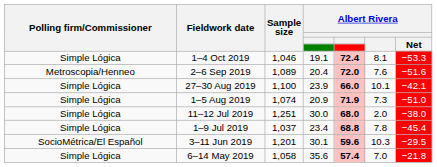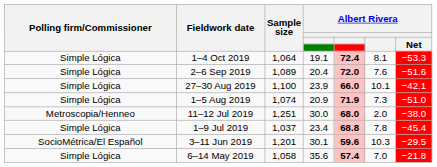 <table class="wikitable collapsible collapsed" style="text-align:center; font-size:90%; line-height:14px;">
 <tr style="height:42px;">
 <th style="width:250px;" rowspan="4">Polling firm/Commissioner</th>
 <th style="width:125px;" rowspan="4">Fieldwork date</th>
 <th style="width:50px;" rowspan="4">Sample size</th>
 <th style="width:185px;" colspan="4"><a href='#'>Albert Rivera</a><br></th>
 </tr>
 <tr>
 <th colspan="4" style="background:"></th>
 </tr>
 <tr>
 <th style="width:30px;"></th>
 <th style="width:30px;"></th>
 <th style="width:30px;" rowspan="2"></th>
 <th style="width:30px;" rowspan="2">Net</th>
 </tr>
 <tr>
 <th style="color:inherit;background:#008000;"></th>
 <th style="color:inherit;background:#FF0000;"></th>
 </tr>
 <tr>
 <td>Simple Lógica</td>
 <td>1–4 Oct 2019</td>
-<td>1,046</td>
+<td>1,064</td>
 <td>19.1</td>
 <td style="background:#FFC2C1;"><strong>72.4</strong></td>
 <td>8.1</td>
 <td style="background:#FF0000; color:white;">−53.3</td>
 </tr>
 <tr>
-<td>Metroscopia/Henneo</td>
+<td>Simple Lógica</td>
 <td>2–6 Sep 2019</td>
 <td>1,089</td>
 <td>20.4</td>
 <td style="background:#FFC2C1;"><strong>72.0</strong></td>
 <td>7.6</td>
 <td style="background:#FF0000; color:white;">−51.6</td>
 </tr>
 <tr>
 <td>Simple Lógica</td>
 <td>27–30 Aug 2019</td>
 <td>1,100</td>
 <td>23.9</td>
 <td style="background:#FFC2C1;"><strong>66.0</strong></td>
 <td>10.1</td>
 <td style="background:#FF0000; color:white;">−42.1</td>
 </tr>
 <tr>
 <td>Simple Lógica</td>
 <td>1–5 Aug 2019</td>
 <td>1,074</td>
 <td>20.9</td>
 <td style="background:#FFC2C1;"><strong>71.9</strong></td>
 <td>7.3</td>
 <td style="background:#FF0000; color:white;">−51.0</td>
 </tr>
 <tr>
-<td>Simple Lógica</td>
+<td>Metroscopia/Henneo</td>
 <td>11–12 Jul 2019</td>
 <td>1,251</td>
 <td>30.0</td>
 <td style="background:#FFC2C1;"><strong>68.0</strong></td>
 <td>2.0</td>
 <td style="background:#FF0000; color:white;">−38.0</td>
 </tr>
 <tr>
 <td>Simple Lógica</td>
 <td>1–9 Jul 2019</td>
 <td>1,037</td>
 <td>23.4</td>
 <td style="background:#FFC2C1;"><strong>68.8</strong></td>
 <td>7.8</td>
 <td style="background:#FF0000; color:white;">−45.4</td>
 </tr>
 <tr>
 <td>SocioMétrica/El Español</td>
 <td>3–11 Jun 2019</td>
 <td>1,201</td>
 <td>30.1</td>
 <td style="background:#FFC2C1;"><strong>59.6</strong></td>
 <td>10.3</td>
 <td style="background:#FF0000; color:white;">−29.5</td>
 </tr>
 <tr>
 <td>Simple Lógica</td>
 <td>6–14 May 2019</td>
 <td>1,058</td>
 <td>35.6</td>
 <td style="background:#FFC2C1;"><strong>57.4</strong></td>
 <td>7.0</td>
 <td style="background:#FF0000; color:white;">−21.8</td>
 </tr>
 </table>
